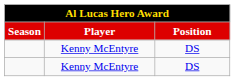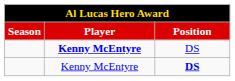 <table class="wikitable sortable" style="text-align:center">
 <tr>
 <td colspan="4" style="background:black; color:#FFDF00;"><strong>Al Lucas Hero Award</strong></td>
 </tr>
 <tr>
 <th style="width:50px; background:#d00; color:white;">Season</th>
 <th style="width:150px; background:#d00; color:white;">Player</th>
 <th style="width:100px; background:#d00; color:white;">Position</th>
 </tr>
 <tr>
 <td></td>
-<td><a href='#'>Kenny McEntyre</a></td>
+<td><strong><a href='#'>Kenny McEntyre</a></strong></td>
 <td><a href='#'>DS</a></td>
 </tr>
 <tr>
 <td></td>
 <td><a href='#'>Kenny McEntyre</a></td>
-<td><a href='#'>DS</a></td>
+<td><strong><a href='#'>DS</a></strong></td>
 </tr>
 </table>
